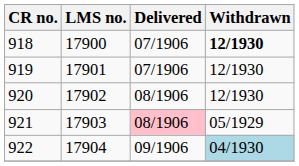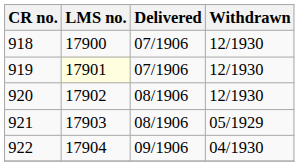 <table class="wikitable sortable">
 <tr>
 <th>CR no.</th>
 <th>LMS no.</th>
 <th>Delivered</th>
 <th>Withdrawn</th>
 </tr>
 <tr>
 <td>918</td>
 <td>17900</td>
 <td>07/1906</td>
-<td><strong>12/1930</strong></td>
+<td>12/1930</td>
 </tr>
 <tr>
 <td>919</td>
-<td>17901</td>
+<td style="background: lightyellow;">17901</td>
 <td>07/1906</td>
 <td>12/1930</td>
 </tr>
 <tr>
 <td>920</td>
 <td>17902</td>
 <td>08/1906</td>
 <td>12/1930</td>
 </tr>
 <tr>
 <td>921</td>
 <td>17903</td>
-<td style="background: pink;">08/1906</td>
+<td>08/1906</td>
 <td>05/1929</td>
 </tr>
 <tr>
 <td>922</td>
 <td>17904</td>
 <td>09/1906</td>
-<td style="background: lightblue;">04/1930</td>
+<td>04/1930</td>
 </tr>
 <tr>
 </tr>
 </table>
